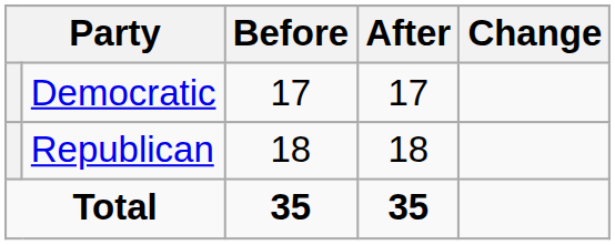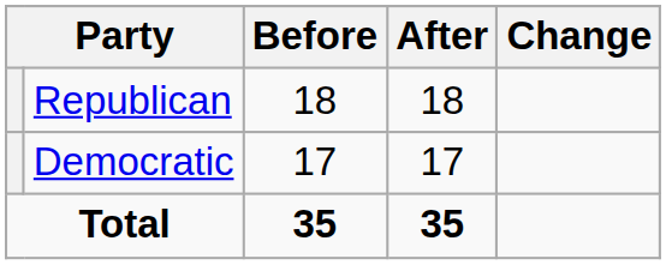 <table class="wikitable" style="text-align:center;">
 <tr>
 </tr>
 <tr>
 <th colspan=2>Party</th>
 <th>Before</th>
 <th>After</th>
 <th>Change</th>
 </tr>
 <tr>
 <th style="background-color:"></th>
-<td style="text-align:left;"><a href='#'>Democratic</a></td>
-<td>17</td>
-<td>17</td>
+<td style="text-align:left;"><a href='#'>Republican</a></td>
+<td>18</td>
+<td>18</td>
 <td></td>
 </tr>
 <tr>
 <th style="background-color:"></th>
-<td style="text-align:left;"><a href='#'>Republican</a></td>
-<td>18</td>
-<td>18</td>
+<td style="text-align:left;"><a href='#'>Democratic</a></td>
+<td>17</td>
+<td>17</td>
 <td></td>
 </tr>
 <tr>
 <td colspan=2><strong>Total</strong></td>
 <td><strong>35</strong></td>
 <td><strong>35</strong></td>
 <td></td>
 </tr>
 </table>
